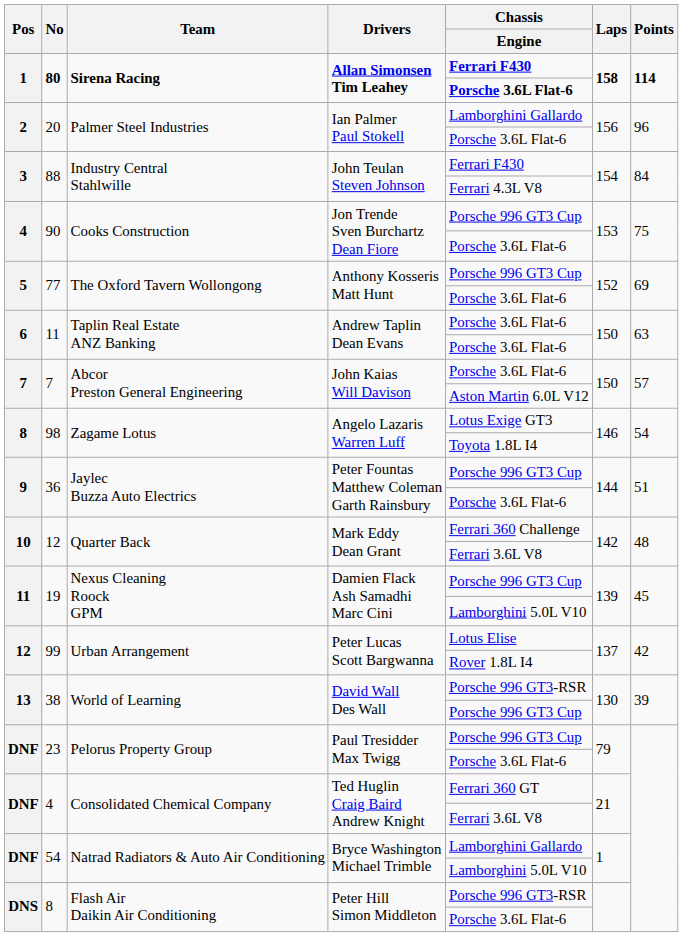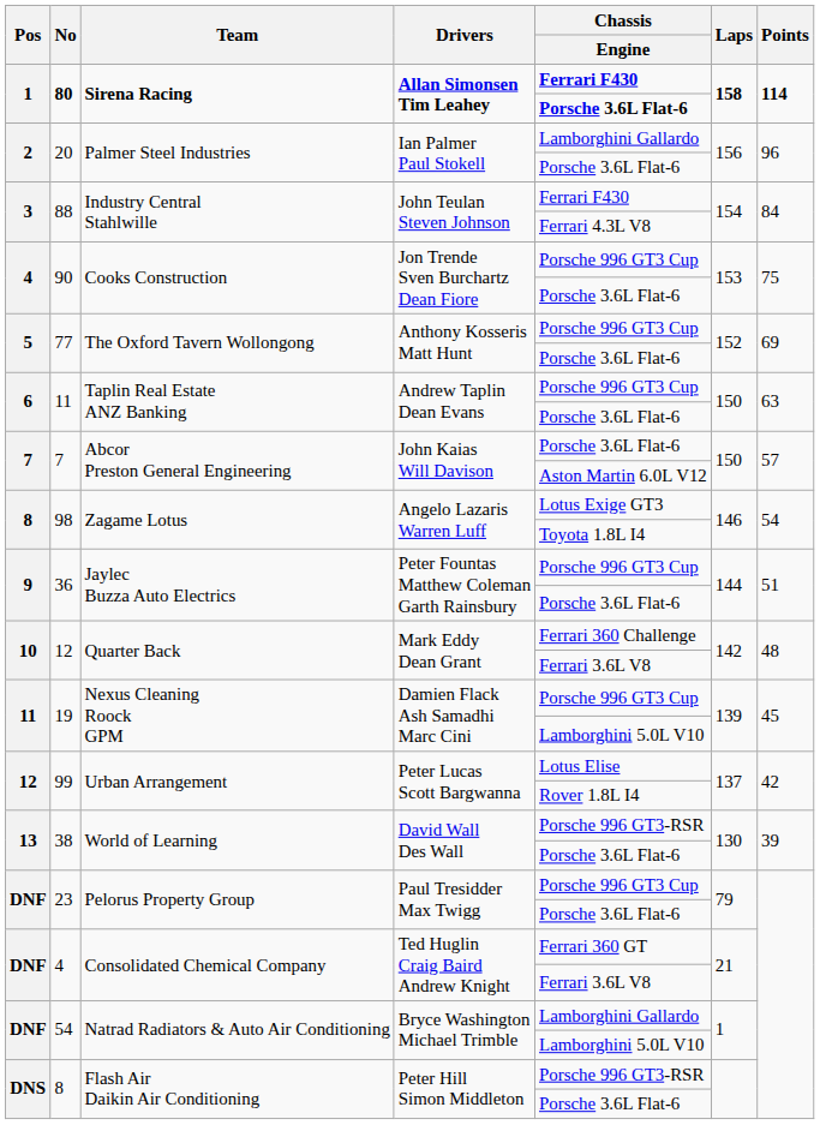 <table class="wikitable" style="font-size: 95%;">
 <tr>
 <th rowspan=2>Pos</th>
 <th rowspan=2>No</th>
 <th rowspan=2>Team</th>
 <th rowspan=2>Drivers</th>
 <th>Chassis</th>
 <th rowspan=2>Laps</th>
 <th rowspan=2>Points</th>
 </tr>
 <tr>
 <th>Engine</th>
 </tr>
 <tr style="font-weight:bold">
 <th rowspan=2>1</th>
 <td rowspan=2>80</td>
 <td rowspan=2>Sirena Racing</td>
 <td rowspan=2> <a href='#'>Allan Simonsen</a><br> Tim Leahey</td>
 <td><a href='#'>Ferrari F430</a></td>
 <td rowspan=2>158</td>
 <td rowspan=2>114</td>
 </tr>
 <tr style="font-weight:bold">
 <td><a href='#'>Porsche</a> 3.6L Flat-6</td>
 </tr>
 <tr>
 <th rowspan=2>2</th>
 <td rowspan=2>20</td>
 <td rowspan=2>Palmer Steel Industries</td>
 <td rowspan=2> Ian Palmer<br> <a href='#'>Paul Stokell</a></td>
 <td><a href='#'>Lamborghini Gallardo</a></td>
 <td rowspan=2>156</td>
 <td rowspan=2>96</td>
 </tr>
 <tr>
 <td><a href='#'>Porsche</a> 3.6L Flat-6</td>
 </tr>
 <tr>
 <th rowspan=2>3</th>
 <td rowspan=2>88</td>
 <td rowspan=2>Industry Central<br>Stahlwille</td>
 <td rowspan=2> John Teulan<br> <a href='#'>Steven Johnson</a></td>
 <td><a href='#'>Ferrari F430</a></td>
 <td rowspan=2>154</td>
 <td rowspan=2>84</td>
 </tr>
 <tr>
 <td><a href='#'>Ferrari</a> 4.3L V8</td>
 </tr>
 <tr>
 <th rowspan=2>4</th>
 <td rowspan=2>90</td>
 <td rowspan=2>Cooks Construction</td>
 <td rowspan=2> Jon Trende<br> Sven Burchartz<br> <a href='#'>Dean Fiore</a></td>
 <td><a href='#'>Porsche 996 GT3 Cup</a></td>
 <td rowspan=2>153</td>
 <td rowspan=2>75</td>
 </tr>
 <tr>
 <td><a href='#'>Porsche</a> 3.6L Flat-6</td>
 </tr>
 <tr>
 <th rowspan=2>5</th>
 <td rowspan=2>77</td>
 <td rowspan=2>The Oxford Tavern Wollongong</td>
 <td rowspan=2> Anthony Kosseris<br> Matt Hunt</td>
 <td><a href='#'>Porsche 996 GT3 Cup</a></td>
 <td rowspan=2>152</td>
 <td rowspan=2>69</td>
 </tr>
 <tr>
 <td><a href='#'>Porsche</a> 3.6L Flat-6</td>
 </tr>
 <tr>
 <th rowspan=2>6</th>
 <td rowspan=2>11</td>
 <td rowspan=2>Taplin Real Estate<br>ANZ Banking</td>
 <td rowspan=2> Andrew Taplin<br> Dean Evans</td>
-<td><a href='#'>Porsche</a> 3.6L Flat-6</td>
+<td><a href='#'>Porsche 996 GT3 Cup</a></td>
 <td rowspan=2>150</td>
 <td rowspan=2>63</td>
 </tr>
 <tr>
 <td><a href='#'>Porsche</a> 3.6L Flat-6</td>
 </tr>
 <tr>
 <th rowspan=2>7</th>
 <td rowspan=2>7</td>
 <td rowspan=2>Abcor<br>Preston General Engineering</td>
 <td rowspan=2> John Kaias<br> <a href='#'>Will Davison</a></td>
 <td><a href='#'>Porsche</a> 3.6L Flat-6</td>
 <td rowspan=2>150</td>
 <td rowspan=2>57</td>
 </tr>
 <tr>
 <td><a href='#'>Aston Martin</a> 6.0L V12</td>
 </tr>
 <tr>
 <th rowspan=2>8</th>
 <td rowspan=2>98</td>
 <td rowspan=2>Zagame Lotus</td>
 <td rowspan=2> Angelo Lazaris<br> <a href='#'>Warren Luff</a></td>
 <td><a href='#'>Lotus Exige</a> GT3</td>
 <td rowspan=2>146</td>
 <td rowspan=2>54</td>
 </tr>
 <tr>
 <td><a href='#'>Toyota</a> 1.8L I4</td>
 </tr>
 <tr>
 <th rowspan=2>9</th>
 <td rowspan=2>36</td>
 <td rowspan=2>Jaylec<br>Buzza Auto Electrics</td>
 <td rowspan=2> Peter Fountas<br> Matthew Coleman<br> Garth Rainsbury</td>
 <td><a href='#'>Porsche 996 GT3 Cup</a></td>
 <td rowspan=2>144</td>
 <td rowspan=2>51</td>
 </tr>
 <tr>
 <td><a href='#'>Porsche</a> 3.6L Flat-6</td>
 </tr>
 <tr>
 <th rowspan=2>10</th>
 <td rowspan=2>12</td>
 <td rowspan=2>Quarter Back</td>
 <td rowspan=2> Mark Eddy<br> Dean Grant</td>
 <td><a href='#'>Ferrari 360</a> Challenge</td>
 <td rowspan=2>142</td>
 <td rowspan=2>48</td>
 </tr>
 <tr>
 <td><a href='#'>Ferrari</a> 3.6L V8</td>
 </tr>
 <tr>
 <th rowspan=2>11</th>
 <td rowspan=2>19</td>
 <td rowspan=2>Nexus Cleaning<br>Roock<br>GPM</td>
 <td rowspan=2> Damien Flack<br> Ash Samadhi<br> Marc Cini</td>
 <td><a href='#'>Porsche 996 GT3 Cup</a></td>
 <td rowspan=2>139</td>
 <td rowspan=2>45</td>
 </tr>
 <tr>
 <td><a href='#'>Lamborghini</a> 5.0L V10</td>
 </tr>
 <tr>
 <th rowspan=2>12</th>
 <td rowspan=2>99</td>
 <td rowspan=2>Urban Arrangement</td>
 <td rowspan=2> Peter Lucas<br> Scott Bargwanna</td>
 <td><a href='#'>Lotus Elise</a></td>
 <td rowspan=2>137</td>
 <td rowspan=2>42</td>
 </tr>
 <tr>
 <td><a href='#'>Rover</a> 1.8L I4</td>
 </tr>
 <tr>
 <th rowspan=2>13</th>
 <td rowspan=2>38</td>
 <td rowspan=2>World of Learning</td>
 <td rowspan=2> <a href='#'>David Wall</a><br> Des Wall</td>
 <td><a href='#'>Porsche 996 GT3</a>-RSR</td>
 <td rowspan=2>130</td>
 <td rowspan=2>39</td>
 </tr>
 <tr>
-<td><a href='#'>Porsche 996 GT3 Cup</a></td>
+<td><a href='#'>Porsche</a> 3.6L Flat-6</td>
 </tr>
 <tr>
 <th rowspan=2>DNF</th>
 <td rowspan=2>23</td>
 <td rowspan=2>Pelorus Property Group</td>
 <td rowspan=2> Paul Tresidder<br> Max Twigg</td>
 <td><a href='#'>Porsche 996 GT3 Cup</a></td>
 <td rowspan=2>79</td>
 </tr>
 <tr>
 <td><a href='#'>Porsche</a> 3.6L Flat-6</td>
 </tr>
 <tr>
 <th rowspan=2>DNF</th>
 <td rowspan=2>4</td>
 <td rowspan=2>Consolidated Chemical Company</td>
 <td rowspan=2> Ted Huglin<br> <a href='#'>Craig Baird</a><br> Andrew Knight</td>
 <td><a href='#'>Ferrari 360</a> GT</td>
 <td rowspan=2>21</td>
 </tr>
 <tr>
 <td><a href='#'>Ferrari</a> 3.6L V8</td>
 </tr>
 <tr>
 <th rowspan=2>DNF</th>
 <td rowspan=2>54</td>
 <td rowspan=2>Natrad Radiators & Auto Air Conditioning</td>
 <td rowspan=2> Bryce Washington<br> Michael Trimble</td>
 <td><a href='#'>Lamborghini Gallardo</a></td>
 <td rowspan=2>1</td>
 </tr>
 <tr>
 <td><a href='#'>Lamborghini</a> 5.0L V10</td>
 </tr>
 <tr>
 <th rowspan=2>DNS</th>
 <td rowspan=2>8</td>
 <td rowspan=2>Flash Air<br>Daikin Air Conditioning</td>
 <td rowspan=2> Peter Hill<br> Simon Middleton</td>
 <td><a href='#'>Porsche 996 GT3</a>-RSR</td>
 <td rowspan=2></td>
 </tr>
 <tr>
 <td><a href='#'>Porsche</a> 3.6L Flat-6</td>
 </tr>
 </table>
